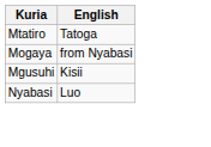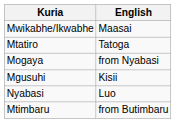 <table class="wikitable" style="display: inline-table;">
 <tr>
 <th>Kuria</th>
 <th>English</th>
+</tr>
+<tr>
+<td>Mwikabhe/Ikwabhe</td>
+<td>Maasai</td>
 </tr>
 <tr>
 <td>Mtatiro</td>
 <td>Tatoga</td>
 </tr>
 <tr>
 <td>Mogaya</td>
 <td>from Nyabasi</td>
 </tr>
 <tr>
 <td>Mgusuhi</td>
 <td>Kisii</td>
 </tr>
 <tr>
 <td>Nyabasi</td>
 <td>Luo</td>
 </tr>
+<tr>
+<td>Mtimbaru</td>
+<td>from Butimbaru</td>
+</tr>
 </table>
